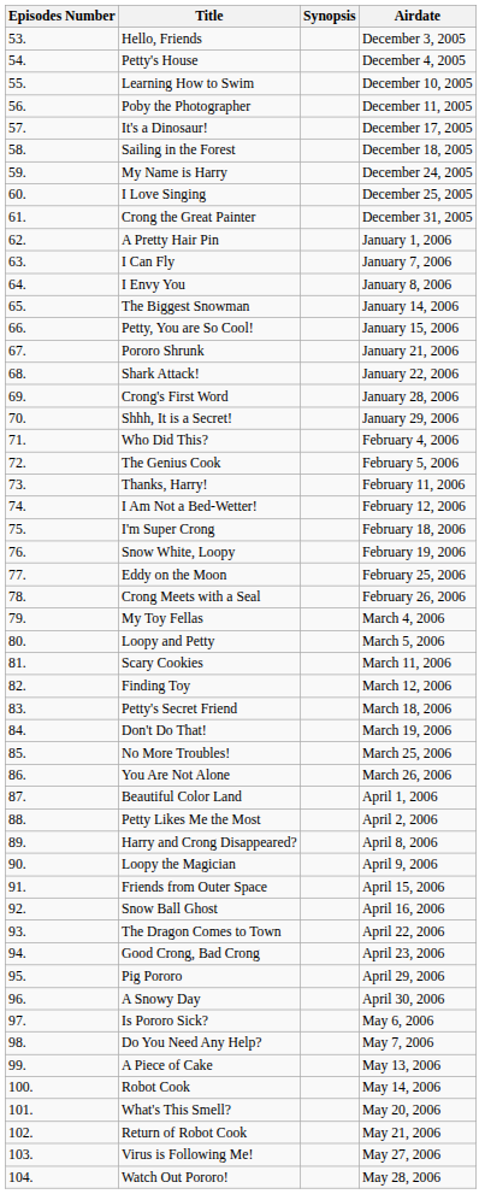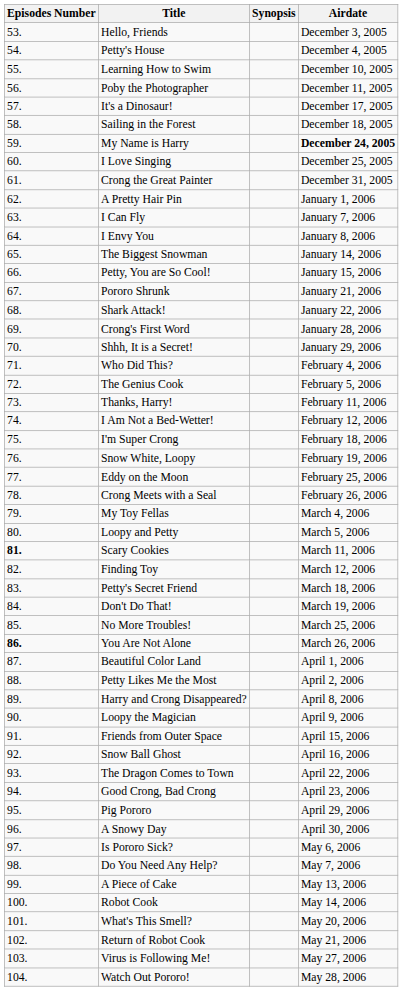 <table class="wikitable">
 <tr>
 <th>Episodes Number</th>
 <th>Title</th>
 <th>Synopsis</th>
 <th>Airdate</th>
 </tr>
 <tr>
 <td>53.</td>
 <td>Hello, Friends</td>
 <td></td>
 <td>December 3, 2005</td>
 </tr>
 <tr>
 <td>54.</td>
 <td>Petty's House</td>
 <td></td>
 <td>December 4, 2005</td>
 </tr>
 <tr>
 <td>55.</td>
 <td>Learning How to Swim</td>
 <td></td>
 <td>December 10, 2005</td>
 </tr>
 <tr>
 <td>56.</td>
 <td>Poby the Photographer</td>
 <td></td>
 <td>December 11, 2005</td>
 </tr>
 <tr>
 <td>57.</td>
 <td>It's a Dinosaur!</td>
 <td></td>
 <td>December 17, 2005</td>
 </tr>
 <tr>
 <td>58.</td>
 <td>Sailing in the Forest</td>
 <td></td>
 <td>December 18, 2005</td>
 </tr>
 <tr>
 <td>59.</td>
 <td>My Name is Harry</td>
 <td></td>
-<td>December 24, 2005</td>
+<td><strong>December 24, 2005</strong></td>
 </tr>
 <tr>
 <td>60.</td>
 <td>I Love Singing</td>
 <td></td>
 <td>December 25, 2005</td>
 </tr>
 <tr>
 <td>61.</td>
 <td>Crong the Great Painter</td>
 <td></td>
 <td>December 31, 2005</td>
 </tr>
 <tr>
 <td>62.</td>
 <td>A Pretty Hair Pin</td>
 <td></td>
 <td>January 1, 2006</td>
 </tr>
 <tr>
 <td>63.</td>
 <td>I Can Fly</td>
 <td></td>
 <td>January 7, 2006</td>
 </tr>
 <tr>
 <td>64.</td>
 <td>I Envy You</td>
 <td></td>
 <td>January 8, 2006</td>
 </tr>
 <tr>
 <td>65.</td>
 <td>The Biggest Snowman</td>
 <td></td>
 <td>January 14, 2006</td>
 </tr>
 <tr>
 <td>66.</td>
 <td>Petty, You are So Cool!</td>
 <td></td>
 <td>January 15, 2006</td>
 </tr>
 <tr>
 <td>67.</td>
 <td>Pororo Shrunk</td>
 <td></td>
 <td>January 21, 2006</td>
 </tr>
 <tr>
 <td>68.</td>
 <td>Shark Attack!</td>
 <td></td>
 <td>January 22, 2006</td>
 </tr>
 <tr>
 <td>69.</td>
 <td>Crong's First Word</td>
 <td></td>
 <td>January 28, 2006</td>
 </tr>
 <tr>
 <td>70.</td>
 <td>Shhh, It is a Secret!</td>
 <td></td>
 <td>January 29, 2006</td>
 </tr>
 <tr>
 <td>71.</td>
 <td>Who Did This?</td>
 <td></td>
 <td>February 4, 2006</td>
 </tr>
 <tr>
 <td>72.</td>
 <td>The Genius Cook</td>
 <td></td>
 <td>February 5, 2006</td>
 </tr>
 <tr>
 <td>73.</td>
 <td>Thanks, Harry!</td>
 <td></td>
 <td>February 11, 2006</td>
 </tr>
 <tr>
 <td>74.</td>
 <td>I Am Not a Bed-Wetter!</td>
 <td></td>
 <td>February 12, 2006</td>
 </tr>
 <tr>
 <td>75.</td>
 <td>I'm Super Crong</td>
 <td></td>
 <td>February 18, 2006</td>
 </tr>
 <tr>
 <td>76.</td>
 <td>Snow White, Loopy</td>
 <td></td>
 <td>February 19, 2006</td>
 </tr>
 <tr>
 <td>77.</td>
 <td>Eddy on the Moon</td>
 <td></td>
 <td>February 25, 2006</td>
 </tr>
 <tr>
 <td>78.</td>
 <td>Crong Meets with a Seal</td>
 <td></td>
 <td>February 26, 2006</td>
 </tr>
 <tr>
 <td>79.</td>
 <td>My Toy Fellas</td>
 <td></td>
 <td>March 4, 2006</td>
 </tr>
 <tr>
 <td>80.</td>
 <td>Loopy and Petty</td>
 <td></td>
 <td>March 5, 2006</td>
 </tr>
 <tr>
-<td>81.</td>
+<td><strong>81.</strong></td>
 <td>Scary Cookies</td>
 <td></td>
 <td>March 11, 2006</td>
 </tr>
 <tr>
 <td>82.</td>
 <td>Finding Toy</td>
 <td></td>
 <td>March 12, 2006</td>
 </tr>
 <tr>
 <td>83.</td>
 <td>Petty's Secret Friend</td>
 <td></td>
 <td>March 18, 2006</td>
 </tr>
 <tr>
 <td>84.</td>
 <td>Don't Do That!</td>
 <td></td>
 <td>March 19, 2006</td>
 </tr>
 <tr>
 <td>85.</td>
 <td>No More Troubles!</td>
 <td></td>
 <td>March 25, 2006</td>
 </tr>
 <tr>
-<td>86.</td>
+<td><strong>86.</strong></td>
 <td>You Are Not Alone</td>
 <td></td>
 <td>March 26, 2006</td>
 </tr>
 <tr>
 <td>87.</td>
 <td>Beautiful Color Land</td>
 <td></td>
 <td>April 1, 2006</td>
 </tr>
 <tr>
 <td>88.</td>
 <td>Petty Likes Me the Most</td>
 <td></td>
 <td>April 2, 2006</td>
 </tr>
 <tr>
 <td>89.</td>
 <td>Harry and Crong Disappeared?</td>
 <td></td>
 <td>April 8, 2006</td>
 </tr>
 <tr>
 <td>90.</td>
 <td>Loopy the Magician</td>
 <td></td>
 <td>April 9, 2006</td>
 </tr>
 <tr>
 <td>91.</td>
 <td>Friends from Outer Space</td>
 <td></td>
 <td>April 15, 2006</td>
 </tr>
 <tr>
 <td>92.</td>
 <td>Snow Ball Ghost</td>
 <td></td>
 <td>April 16, 2006</td>
 </tr>
 <tr>
 <td>93.</td>
 <td>The Dragon Comes to Town</td>
 <td></td>
 <td>April 22, 2006</td>
 </tr>
 <tr>
 <td>94.</td>
 <td>Good Crong, Bad Crong</td>
 <td></td>
 <td>April 23, 2006</td>
 </tr>
 <tr>
 <td>95.</td>
 <td>Pig Pororo</td>
 <td></td>
 <td>April 29, 2006</td>
 </tr>
 <tr>
 <td>96.</td>
 <td>A Snowy Day</td>
 <td></td>
 <td>April 30, 2006</td>
 </tr>
 <tr>
 <td>97.</td>
 <td>Is Pororo Sick?</td>
 <td></td>
 <td>May 6, 2006</td>
 </tr>
 <tr>
 <td>98.</td>
 <td>Do You Need Any Help?</td>
 <td></td>
 <td>May 7, 2006</td>
 </tr>
 <tr>
 <td>99.</td>
 <td>A Piece of Cake</td>
 <td></td>
 <td>May 13, 2006</td>
 </tr>
 <tr>
 <td>100.</td>
 <td>Robot Cook</td>
 <td></td>
 <td>May 14, 2006</td>
 </tr>
 <tr>
 <td>101.</td>
 <td>What's This Smell?</td>
 <td></td>
 <td>May 20, 2006</td>
 </tr>
 <tr>
 <td>102.</td>
 <td>Return of Robot Cook</td>
 <td></td>
 <td>May 21, 2006</td>
 </tr>
 <tr>
 <td>103.</td>
 <td>Virus is Following Me!</td>
 <td></td>
 <td>May 27, 2006</td>
 </tr>
 <tr>
 <td>104.</td>
 <td>Watch Out Pororo!</td>
 <td></td>
 <td>May 28, 2006</td>
 </tr>
 </table>
